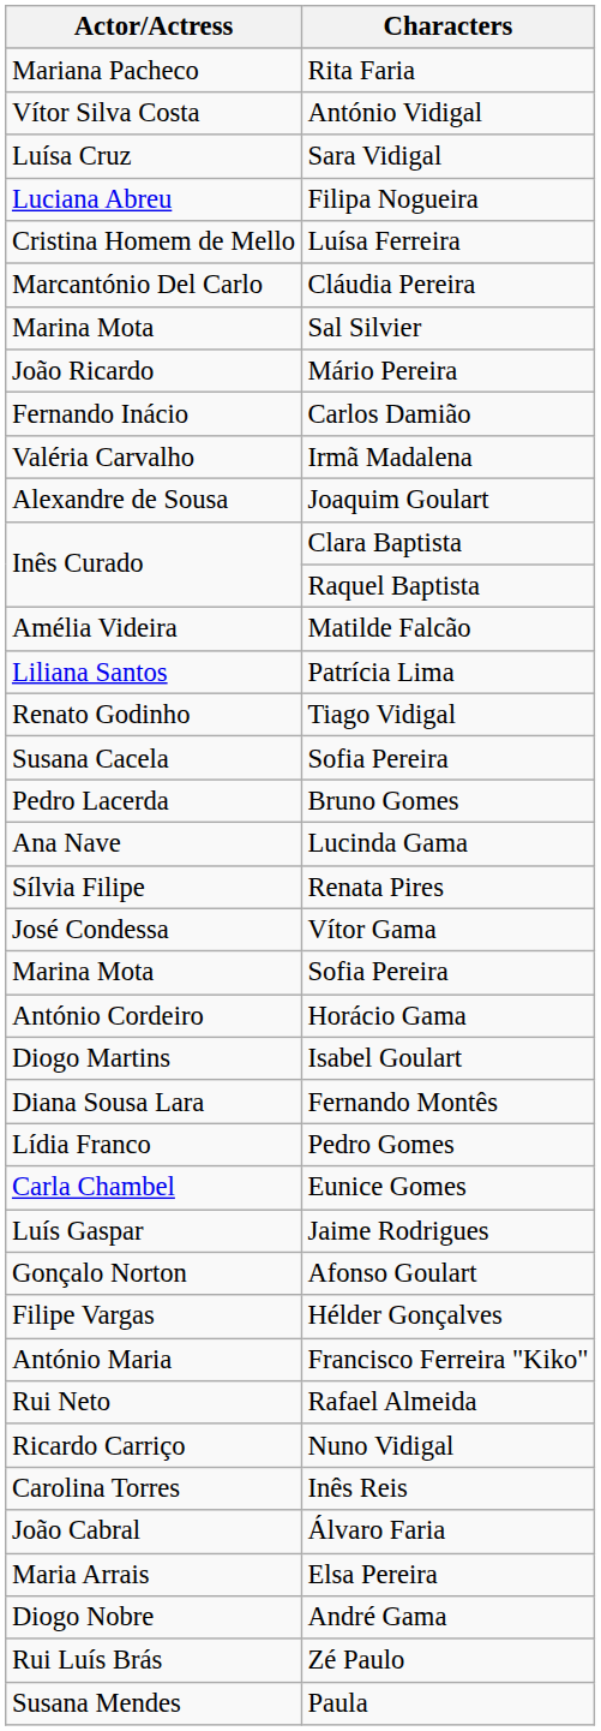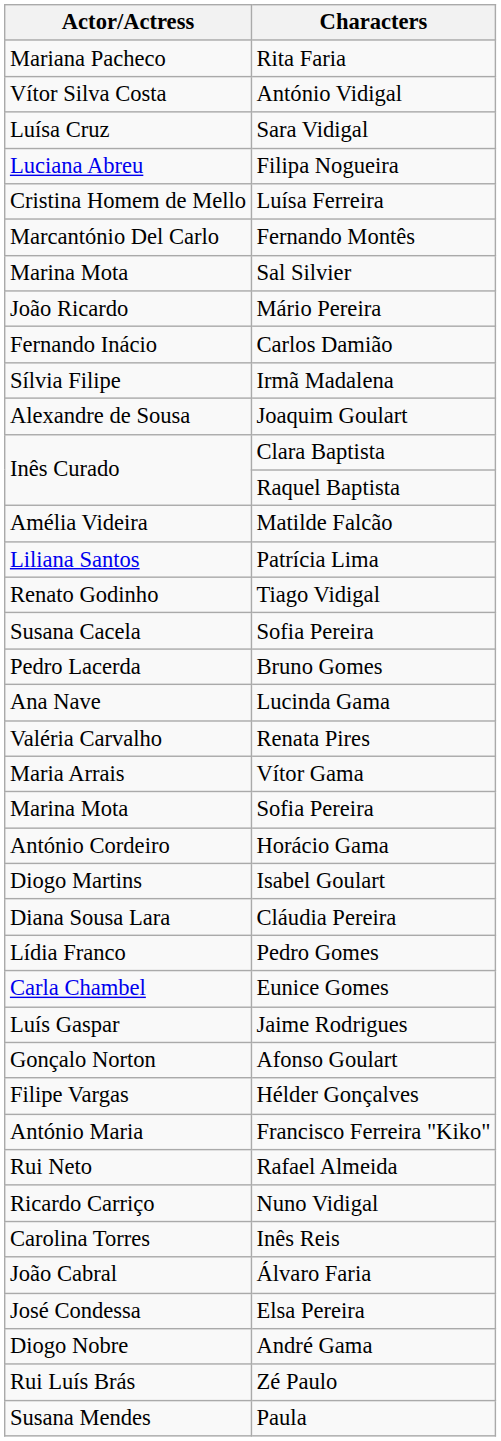 <table class="wikitable sortable">
 <tr>
 <th>Actor/Actress</th>
 <th>Characters</th>
 </tr>
 <tr>
 <td>Mariana Pacheco</td>
 <td>Rita Faria</td>
 </tr>
 <tr>
 <td>Vítor Silva Costa</td>
 <td>António Vidigal</td>
 </tr>
 <tr>
 <td>Luísa Cruz</td>
 <td>Sara Vidigal</td>
 </tr>
 <tr>
 <td><a href='#'>Luciana Abreu</a></td>
 <td>Filipa Nogueira</td>
 </tr>
 <tr>
 <td>Cristina Homem de Mello</td>
 <td>Luísa Ferreira</td>
 </tr>
 <tr>
 <td>Marcantónio Del Carlo</td>
-<td>Cláudia Pereira</td>
+<td>Fernando Montês</td>
 </tr>
 <tr>
 <td>Marina Mota</td>
 <td>Sal Silvier</td>
 </tr>
 <tr>
 <td>João Ricardo</td>
 <td>Mário Pereira</td>
 </tr>
 <tr>
 <td>Fernando Inácio</td>
 <td>Carlos Damião</td>
 </tr>
 <tr>
-<td>Valéria Carvalho</td>
+<td>Sílvia Filipe</td>
 <td>Irmã Madalena</td>
 </tr>
 <tr>
 <td>Alexandre de Sousa</td>
 <td>Joaquim Goulart</td>
 </tr>
 <tr>
 <td rowspan="2">Inês Curado</td>
 <td>Clara Baptista</td>
 </tr>
 <tr>
 <td>Raquel Baptista</td>
 </tr>
 <tr>
 <td>Amélia Videira</td>
 <td>Matilde Falcão</td>
 </tr>
 <tr>
 <td><a href='#'>Liliana Santos</a></td>
 <td>Patrícia Lima</td>
 </tr>
 <tr>
 <td>Renato Godinho</td>
 <td>Tiago Vidigal</td>
 </tr>
 <tr>
 <td>Susana Cacela</td>
 <td>Sofia Pereira</td>
 </tr>
 <tr>
 <td>Pedro Lacerda</td>
 <td>Bruno Gomes</td>
 </tr>
 <tr>
 <td>Ana Nave</td>
 <td>Lucinda Gama</td>
 </tr>
 <tr>
-<td>Sílvia Filipe</td>
+<td>Valéria Carvalho</td>
 <td>Renata Pires</td>
 </tr>
 <tr>
-<td>José Condessa</td>
+<td>Maria Arrais</td>
 <td>Vítor Gama</td>
 </tr>
 <tr>
 <td>Marina Mota</td>
 <td>Sofia Pereira</td>
 </tr>
 <tr>
 <td>António Cordeiro</td>
 <td>Horácio Gama</td>
 </tr>
 <tr>
 <td>Diogo Martins</td>
 <td>Isabel Goulart</td>
 </tr>
 <tr>
 <td>Diana Sousa Lara</td>
-<td>Fernando Montês</td>
+<td>Cláudia Pereira</td>
 </tr>
 <tr>
 <td>Lídia Franco</td>
 <td>Pedro Gomes</td>
 </tr>
 <tr>
 <td><a href='#'>Carla Chambel</a></td>
 <td>Eunice Gomes</td>
 </tr>
 <tr>
 <td>Luís Gaspar</td>
 <td>Jaime Rodrigues</td>
 </tr>
 <tr>
 <td>Gonçalo Norton</td>
 <td>Afonso Goulart</td>
 </tr>
 <tr>
 <td>Filipe Vargas</td>
 <td>Hélder Gonçalves</td>
 </tr>
 <tr>
 <td>António Maria</td>
 <td>Francisco Ferreira "Kiko"</td>
 </tr>
 <tr>
 <td>Rui Neto</td>
 <td>Rafael Almeida</td>
 </tr>
 <tr>
 <td>Ricardo Carriço</td>
 <td>Nuno Vidigal</td>
 </tr>
 <tr>
 <td>Carolina Torres</td>
 <td>Inês Reis</td>
 </tr>
 <tr>
 <td>João Cabral</td>
 <td>Álvaro Faria</td>
 </tr>
 <tr>
-<td>Maria Arrais</td>
+<td>José Condessa</td>
 <td>Elsa Pereira</td>
 </tr>
 <tr>
 <td>Diogo Nobre</td>
 <td>André Gama</td>
 </tr>
 <tr>
 <td>Rui Luís Brás</td>
 <td>Zé Paulo</td>
 </tr>
 <tr>
 <td>Susana Mendes</td>
 <td>Paula</td>
 </tr>
 </table>
